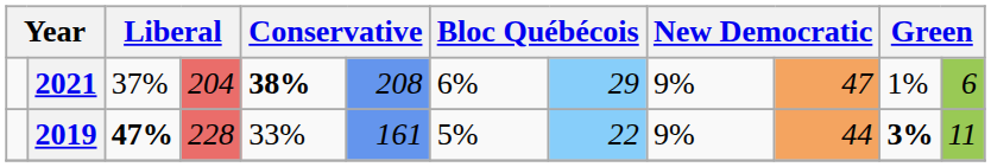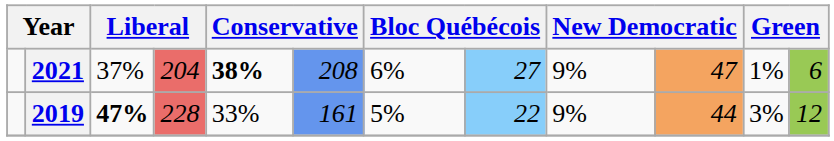 <table class="wikitable" style="float:right; width:400; font-size:90%; margin-left:1em;">
 <tr>
 <th colspan="2" scope="col">Year</th>
 <th colspan="2" scope="col"><a href='#'>Liberal</a></th>
 <th colspan="2" scope="col"><a href='#'>Conservative</a></th>
 <th colspan="2" scope="col"><a href='#'>Bloc Québécois</a></th>
 <th colspan="2" scope="col"><a href='#'>New Democratic</a></th>
 <th colspan="2" scope="col"><a href='#'>Green</a></th>
 </tr>
 <tr>
 <td style="width: 0.25em; background-color: "></td>
 <th><a href='#'>2021</a></th>
 <td>37%</td>
 <td style="text-align:right; background:#EA6D6A;"><em>204</em></td>
 <td><strong>38%</strong></td>
 <td style="text-align:right; background:#6495ED;"><em>208</em></td>
 <td>6%</td>
-<td style="text-align:right; background:#87CEFA;"><em>29</em></td>
+<td style="text-align:right; background:#87CEFA;"><em>27</em></td>
 <td>9%</td>
 <td style="text-align:right; background:#F4A460;"><em>47</em></td>
 <td>1%</td>
 <td style="text-align:right; background:#99C955;"><em>6</em></td>
 </tr>
 <tr>
 <td style="width: 0.25em; background-color: "></td>
 <th><a href='#'>2019</a></th>
 <td><strong>47%</strong></td>
 <td style="text-align:right; background:#EA6D6A;"><em>228</em></td>
 <td>33%</td>
 <td style="text-align:right; background:#6495ED;"><em>161</em></td>
 <td>5%</td>
 <td style="text-align:right; background:#87CEFA;"><em>22</em></td>
 <td>9%</td>
 <td style="text-align:right; background:#F4A460;"><em>44</em></td>
-<td><strong>3%</strong></td>
-<td style="text-align:right; background:#99C955;"><em>11</em></td>
+<td>3%</td>
+<td style="text-align:right; background:#99C955;"><em>12</em></td>
 </tr>
 <tr>
 </tr>
 </table>
